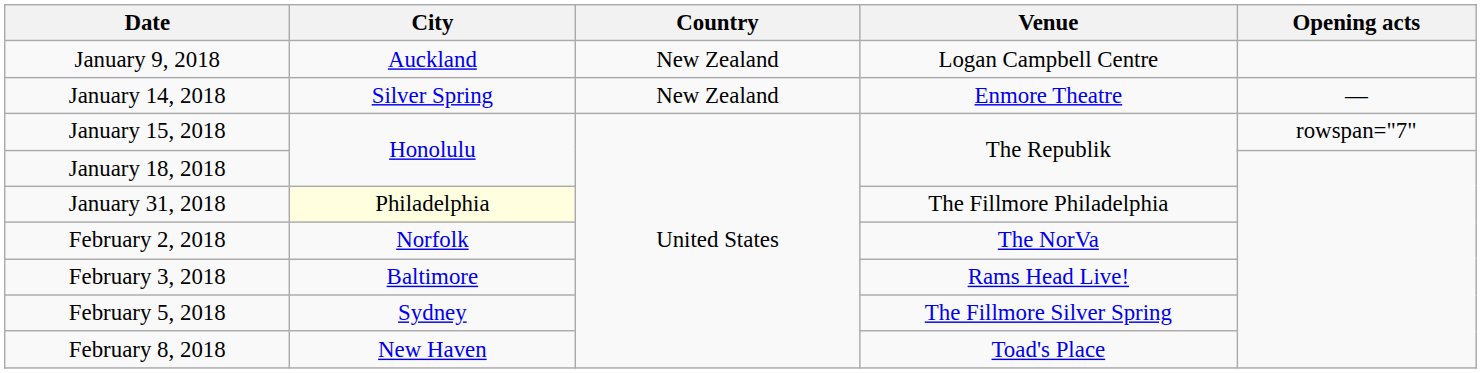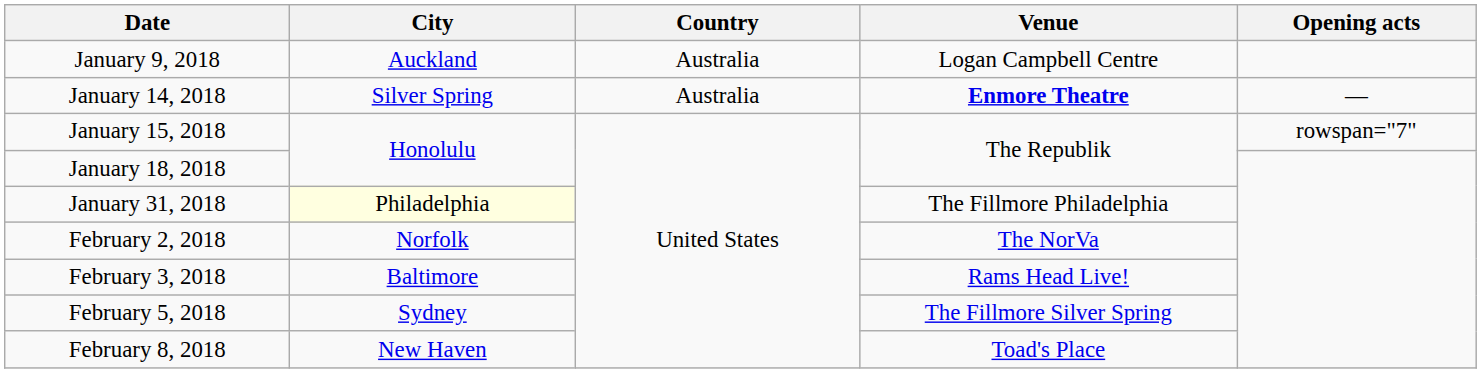 <table class="wikitable wplainrowheaders" style="text-align:center;">
 <tr>
 <th scope="col" style="width:12em;">Date</th>
 <th scope="col" style="width:12em;">City</th>
 <th scope="col" style="width:12em;">Country</th>
 <th scope="col" style="width:16em;">Venue</th>
 <th scope="col" style="width:10em;">Opening acts</th>
 </tr>
 <tr>
 <td>January 9, 2018</td>
 <td><a href='#'>Auckland</a></td>
-<td>New Zealand</td>
+<td>Australia</td>
 <td>Logan Campbell Centre</td>
 <td></td>
 </tr>
 <tr>
 <td>January 14, 2018</td>
 <td><a href='#'>Silver Spring</a></td>
-<td>New Zealand</td>
-<td><a href='#'>Enmore Theatre</a></td>
+<td>Australia</td>
+<td><strong><a href='#'>Enmore Theatre</a></strong></td>
 <td>—</td>
 </tr>
 <tr>
 <td>January 15, 2018</td>
 <td rowspan="2"><a href='#'>Honolulu</a></td>
 <td rowspan="7">United States</td>
 <td rowspan="2">The Republik</td>
 <td>rowspan="7" </td>
 </tr>
 <tr>
 <td>January 18, 2018</td>
 </tr>
 <tr>
 <td>January 31, 2018</td>
 <td style="background: lightyellow;">Philadelphia</td>
 <td>The Fillmore Philadelphia</td>
 </tr>
 <tr>
 <td>February 2, 2018</td>
 <td><a href='#'>Norfolk</a></td>
 <td><a href='#'>The NorVa</a></td>
 </tr>
 <tr>
 <td>February 3, 2018</td>
 <td><a href='#'>Baltimore</a></td>
 <td><a href='#'>Rams Head Live!</a></td>
 </tr>
 <tr>
 <td>February 5, 2018</td>
 <td><a href='#'>Sydney</a></td>
 <td><a href='#'>The Fillmore Silver Spring</a></td>
 </tr>
 <tr>
 <td>February 8, 2018</td>
 <td><a href='#'>New Haven</a></td>
 <td><a href='#'>Toad's Place</a></td>
 </tr>
 </table>
